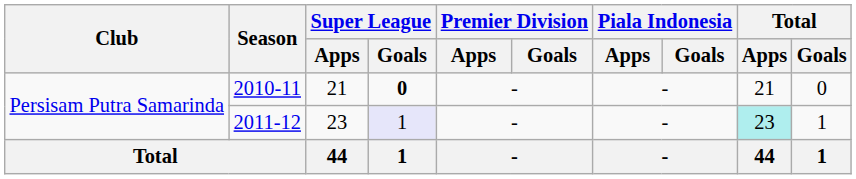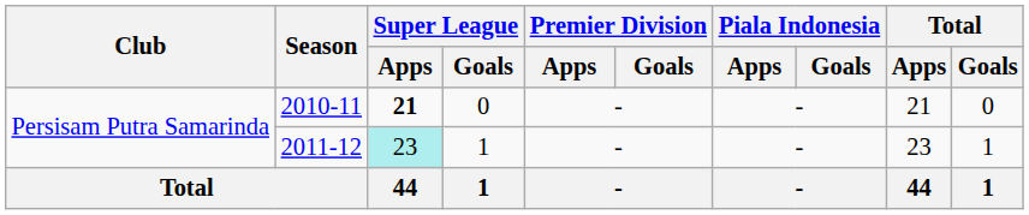 <table class="wikitable" style="font-size:90%; text-align:center;">
 <tr>
 <th rowspan="2">Club</th>
 <th rowspan="2">Season</th>
 <th colspan="2"><a href='#'>Super League</a></th>
 <th colspan="2"><a href='#'>Premier Division</a></th>
 <th colspan="2"><a href='#'>Piala Indonesia</a></th>
 <th colspan="2">Total</th>
 </tr>
 <tr>
 <th>Apps</th>
 <th>Goals</th>
 <th>Apps</th>
 <th>Goals</th>
 <th>Apps</th>
 <th>Goals</th>
 <th>Apps</th>
 <th>Goals</th>
 </tr>
 <tr>
 <td rowspan="2"><a href='#'>Persisam Putra Samarinda</a></td>
 <td><a href='#'>2010-11</a></td>
-<td>21</td>
-<td><strong>0</strong></td>
+<td><strong>21</strong></td>
+<td>0</td>
 <td colspan="2">-</td>
 <td colspan="2">-</td>
 <td>21</td>
 <td>0</td>
 </tr>
 <tr>
 <td><a href='#'>2011-12</a></td>
-<td>23</td>
-<td style="background: lavender;">1</td>
+<td style="background: paleturquoise;">23</td>
+<td>1</td>
 <td colspan="2">-</td>
 <td colspan="2">-</td>
-<td style="background: paleturquoise;">23</td>
+<td>23</td>
 <td>1</td>
 </tr>
 <tr>
 <th colspan="2">Total</th>
 <th>44</th>
 <th>1</th>
 <th colspan="2">-</th>
 <th colspan="2">-</th>
 <th>44</th>
 <th>1</th>
 </tr>
 </table>
